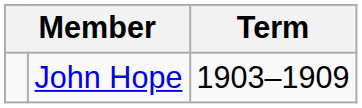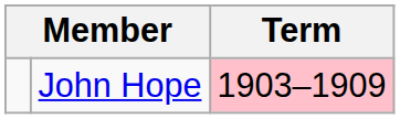 <table class="wikitable">
 <tr>
 <th colspan="2">Member</th>
 <th>Term</th>
 </tr>
 <tr>
 <td> </td>
 <td><a href='#'>John Hope</a></td>
-<td>1903–1909</td>
+<td style="background: pink;">1903–1909</td>
 </tr>
 </table>
